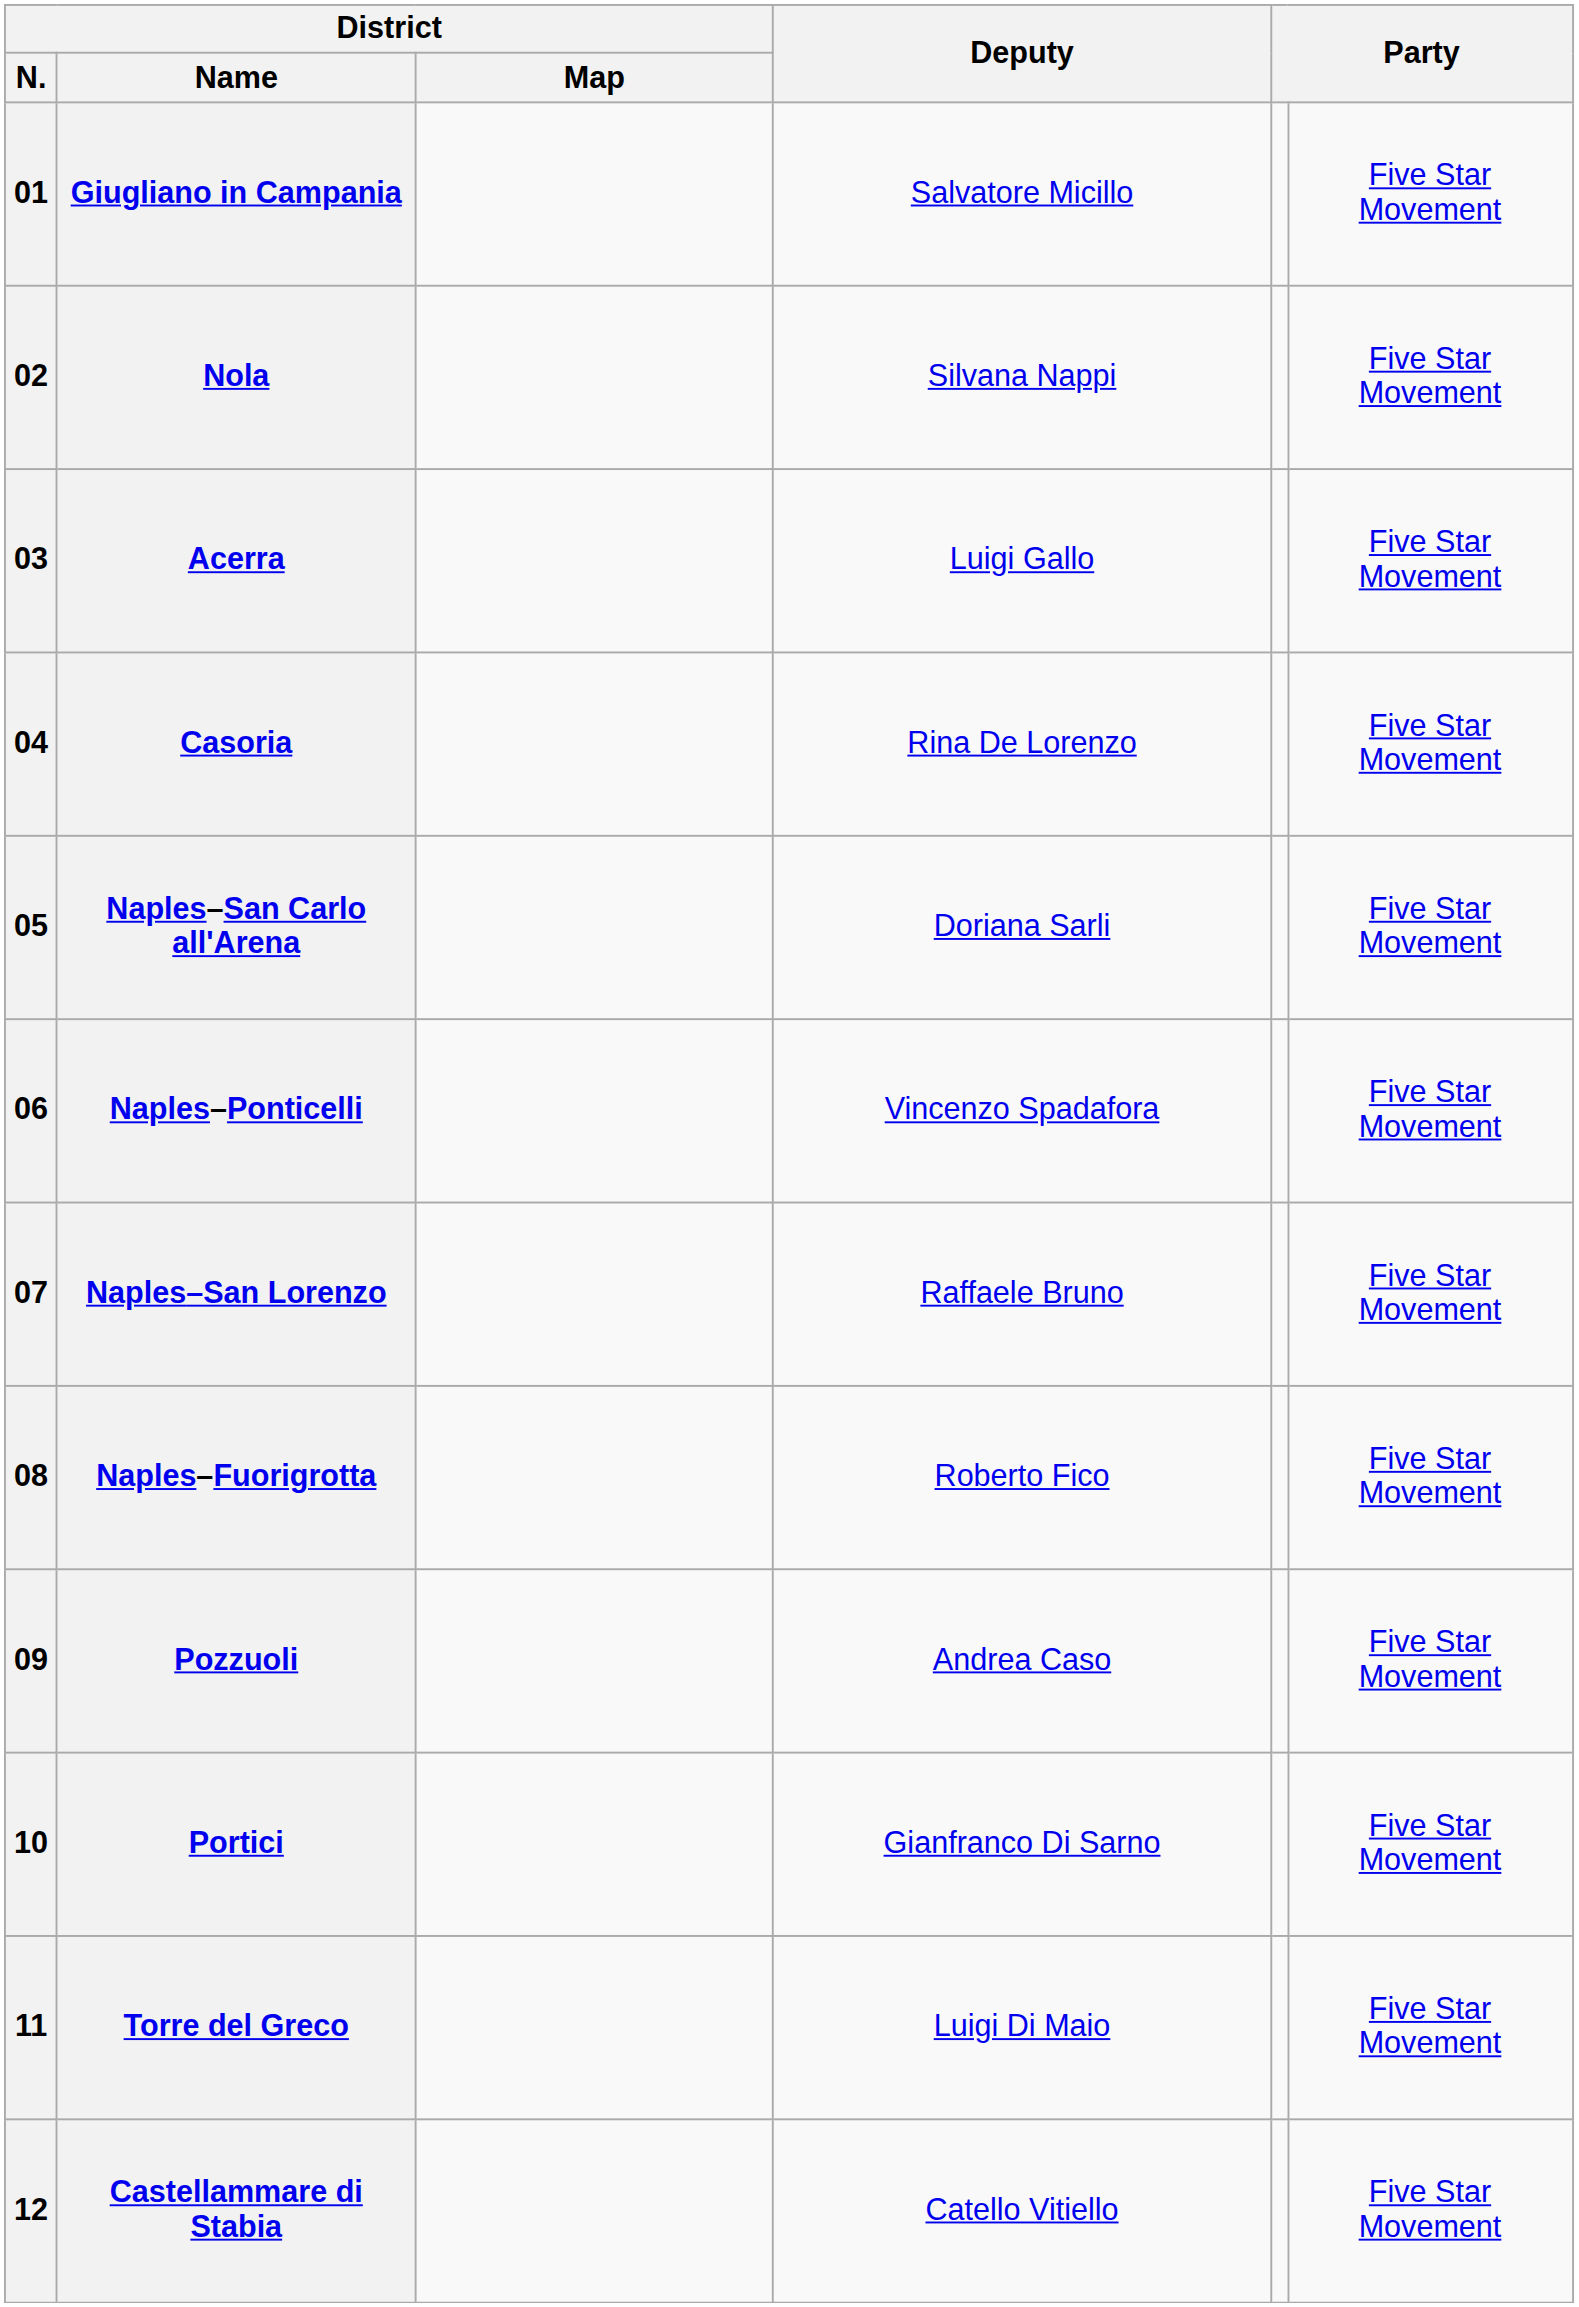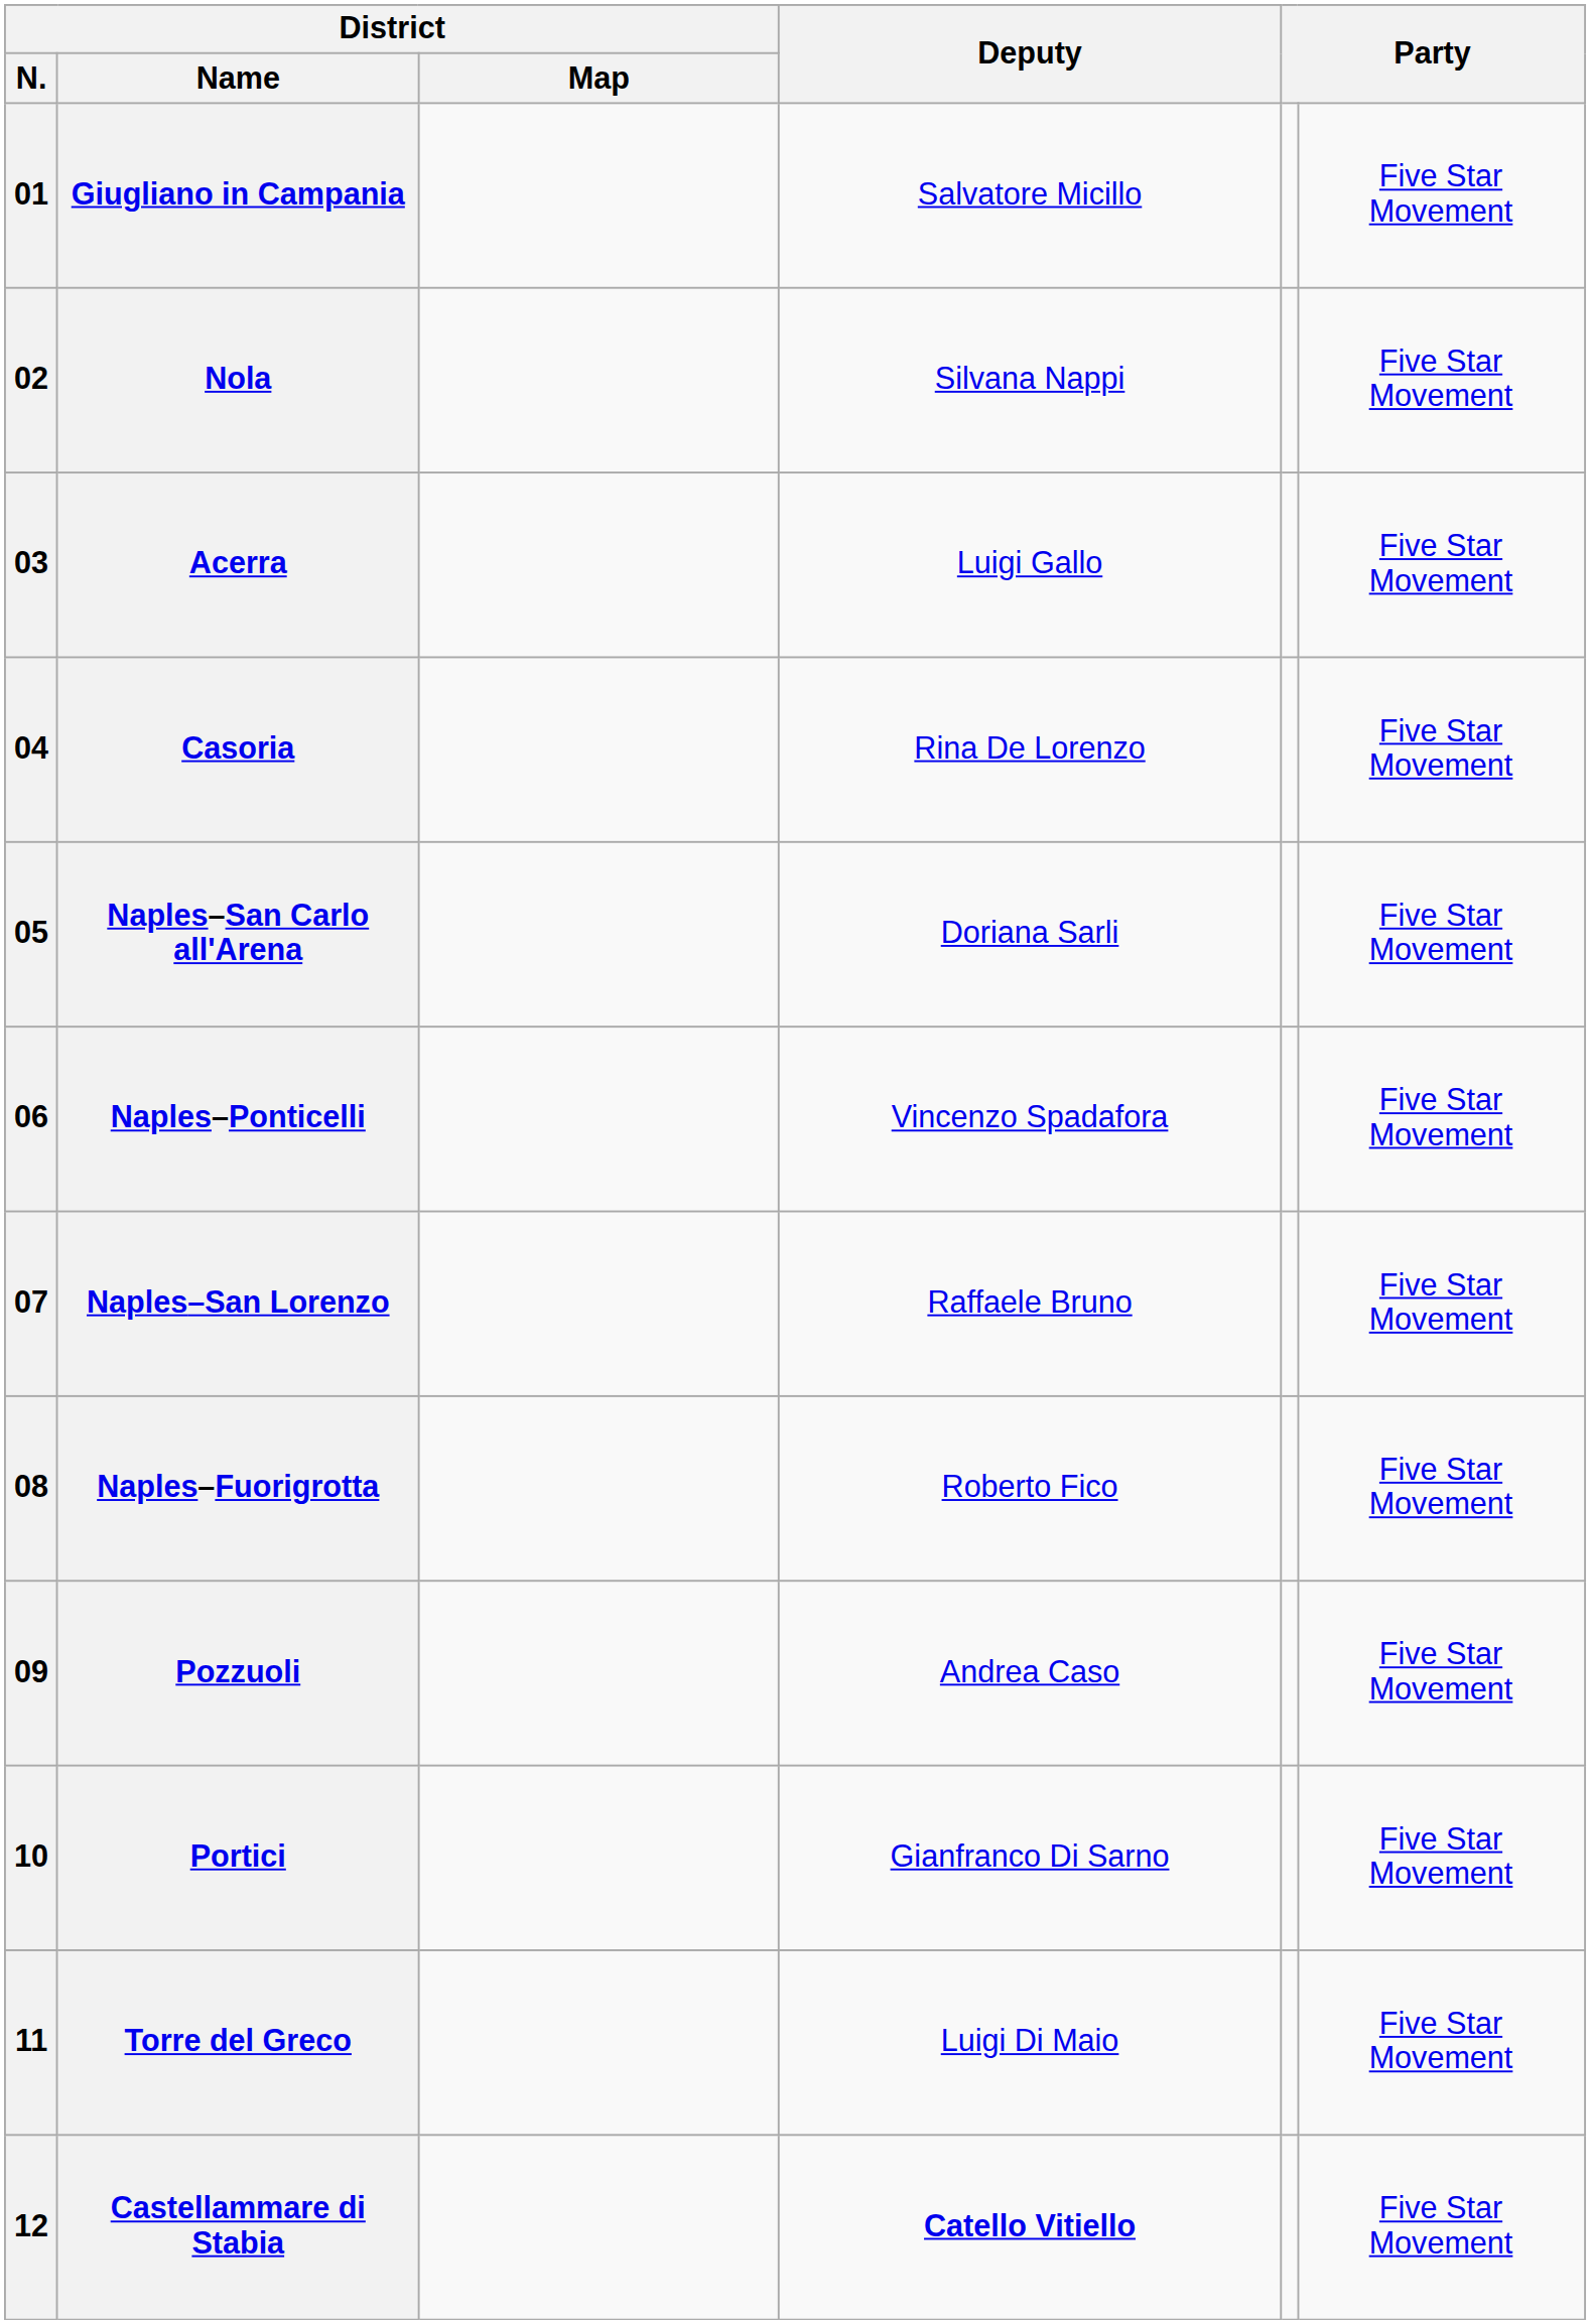 <table class="wikitable" style="text-align:center; style="width=65%">
 <tr>
 <th width=35% colspan="3">District</th>
 <th width=25% rowspan="2">Deputy</th>
 <th width=15% colspan="2" rowspan="2">Party</th>
 </tr>
 <tr>
 <th width=1%>N.</th>
 <th width=18%>Name</th>
 <th width=18%>Map</th>
 </tr>
 <tr style="height:6em;">
 <th>01</th>
 <th><a href='#'>Giugliano in Campania</a></th>
 <td></td>
 <td><a href='#'>Salvatore Micillo</a></td>
 <td style="background:"></td>
 <td><a href='#'>Five Star Movement</a></td>
 </tr>
 <tr style="height:6em;">
 <th>02</th>
 <th><a href='#'>Nola</a></th>
 <td></td>
 <td><a href='#'>Silvana Nappi</a></td>
 <td style="background:"></td>
 <td colspan=3><a href='#'>Five Star Movement</a></td>
 </tr>
 <tr style="height:6em;">
 <th>03</th>
 <th><a href='#'>Acerra</a></th>
 <td></td>
 <td><a href='#'>Luigi Gallo</a></td>
 <td style="background:"></td>
 <td colspan=3><a href='#'>Five Star Movement</a></td>
 </tr>
 <tr style="height:6em;">
 <th>04</th>
 <th><a href='#'>Casoria</a></th>
 <td></td>
 <td><a href='#'>Rina De Lorenzo</a></td>
 <td style="background:"></td>
 <td colspan=3><a href='#'>Five Star Movement</a></td>
 </tr>
 <tr style="height:6em;">
 <th>05</th>
 <th><a href='#'>Naples</a>–<a href='#'>San Carlo all'Arena</a></th>
 <td></td>
 <td><a href='#'>Doriana Sarli</a></td>
 <td style="background:"></td>
 <td colspan=3><a href='#'>Five Star Movement</a></td>
 </tr>
 <tr style="height:6em;">
 <th>06</th>
 <th><a href='#'>Naples</a>–<a href='#'>Ponticelli</a></th>
 <td></td>
 <td><a href='#'>Vincenzo Spadafora</a></td>
 <td style="background:"></td>
 <td colspan=3><a href='#'>Five Star Movement</a></td>
 </tr>
 <tr style="height:6em;">
 <th>07</th>
 <th><a href='#'>Naples</a><a href='#'>–San Lorenzo</a></th>
 <td></td>
 <td><a href='#'>Raffaele Bruno</a></td>
 <td style="background:"></td>
 <td colspan=3><a href='#'>Five Star Movement</a></td>
 </tr>
 <tr style="height:6em;">
 <th>08</th>
 <th><a href='#'>Naples</a>–<a href='#'>Fuorigrotta</a></th>
 <td></td>
 <td><a href='#'>Roberto Fico</a></td>
 <td style="background:"></td>
 <td colspan=3><a href='#'>Five Star Movement</a></td>
 </tr>
 <tr style="height:6em;">
 <th>09</th>
 <th><a href='#'>Pozzuoli</a></th>
 <td></td>
 <td><a href='#'>Andrea Caso</a></td>
 <td style="background:"></td>
 <td colspan=3><a href='#'>Five Star Movement</a></td>
 </tr>
 <tr style="height:6em;">
 <th>10</th>
 <th><a href='#'>Portici</a></th>
 <td></td>
 <td><a href='#'>Gianfranco Di Sarno</a></td>
 <td style="background:"></td>
 <td colspan=3><a href='#'>Five Star Movement</a></td>
 </tr>
 <tr style="height:6em;">
 <th>11</th>
 <th><a href='#'>Torre del Greco</a></th>
 <td></td>
 <td><a href='#'>Luigi Di Maio</a></td>
 <td style="background:"></td>
 <td colspan=3><a href='#'>Five Star Movement</a></td>
 </tr>
 <tr style="height:6em;">
 <th>12</th>
 <th><a href='#'>Castellammare di Stabia</a></th>
 <td></td>
-<td><a href='#'>Catello Vitiello</a></td>
+<td><strong><a href='#'>Catello Vitiello</a></strong></td>
 <td style="background:"></td>
 <td colspan=3><a href='#'>Five Star Movement</a></td>
 </tr>
 </table>
